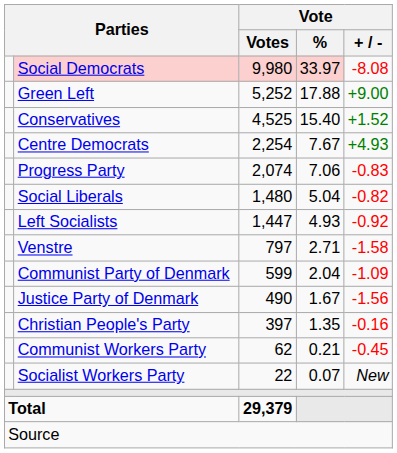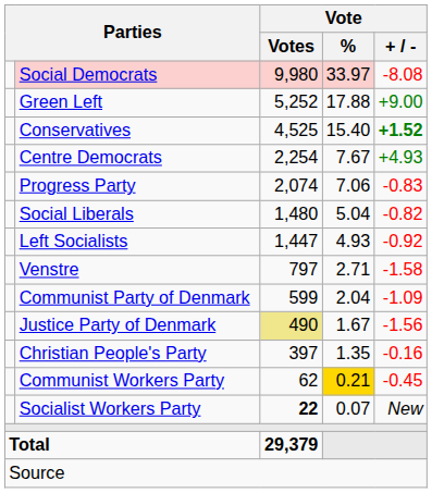 <table class="wikitable" style="text-align:right;">
 <tr>
 <th style="text-align:centre;" rowspan="2" colspan="2" width="225">Parties</th>
 <th colspan="3">Vote</th>
 </tr>
 <tr>
 <th width="15">Votes</th>
 <th width="15">%</th>
 <th width="15">+ / -</th>
 </tr>
 <tr>
 <td width="2" style="color:inherit;background:"></td>
 <td bgcolor=#fbd0ce  align="left"><a href='#'>Social Democrats</a></td>
 <td bgcolor=#fbd0ce>9,980</td>
 <td bgcolor=#fbd0ce>33.97</td>
 <td style=color:red;>-8.08</td>
 </tr>
 <tr>
 <td width="2" style="color:inherit;background:"></td>
 <td align="left"><a href='#'>Green Left</a></td>
 <td>5,252</td>
 <td>17.88</td>
 <td style=color:green;>+9.00</td>
 </tr>
 <tr>
 <td width="2" style="color:inherit;background:"></td>
 <td align="left"><a href='#'>Conservatives</a></td>
 <td>4,525</td>
 <td>15.40</td>
-<td style=color:green;>+1.52</td>
+<td style=color:green;><strong>+1.52</strong></td>
 </tr>
 <tr>
 <td width="2" style="color:inherit;background:"></td>
 <td align="left"><a href='#'>Centre Democrats</a></td>
 <td>2,254</td>
 <td>7.67</td>
 <td style=color:green;>+4.93</td>
 </tr>
 <tr>
 <td width="2" style="color:inherit;background:"></td>
 <td align="left"><a href='#'>Progress Party</a></td>
 <td>2,074</td>
 <td>7.06</td>
 <td style=color:red;>-0.83</td>
 </tr>
 <tr>
 <td width="2" style="color:inherit;background:"></td>
 <td align="left"><a href='#'>Social Liberals</a></td>
 <td>1,480</td>
 <td>5.04</td>
 <td style=color:red;>-0.82</td>
 </tr>
 <tr>
 <td width="2" style="color:inherit;background:"></td>
 <td align="left"><a href='#'>Left Socialists</a></td>
 <td>1,447</td>
 <td>4.93</td>
 <td style=color:red;>-0.92</td>
 </tr>
 <tr>
 <td width="2" style="color:inherit;background:"></td>
 <td align="left"><a href='#'>Venstre</a></td>
 <td>797</td>
 <td>2.71</td>
 <td style=color:red;>-1.58</td>
 </tr>
 <tr>
 <td width="2" style="color:inherit;background:"></td>
 <td align="left"><a href='#'>Communist Party of Denmark</a></td>
 <td>599</td>
 <td>2.04</td>
 <td style=color:red;>-1.09</td>
 </tr>
 <tr>
 <td width="2" style="color:inherit;background:"></td>
 <td align="left"><a href='#'>Justice Party of Denmark</a></td>
-<td>490</td>
+<td style="background: khaki;">490</td>
 <td>1.67</td>
 <td style=color:red;>-1.56</td>
 </tr>
 <tr>
 <td width="2" style="color:inherit;background:"></td>
 <td align="left"><a href='#'>Christian People's Party</a></td>
 <td>397</td>
 <td>1.35</td>
 <td style=color:red;>-0.16</td>
 </tr>
 <tr>
 <td width="2" style="color:inherit;background:"></td>
 <td align="left"><a href='#'>Communist Workers Party</a></td>
 <td>62</td>
-<td>0.21</td>
+<td style="background: gold;">0.21</td>
 <td style=color:red;>-0.45</td>
 </tr>
 <tr>
 <td width="2" style="color:inherit;background:"></td>
 <td align="left"><a href='#'>Socialist Workers Party</a></td>
-<td>22</td>
+<td><strong>22</strong></td>
 <td>0.07</td>
 <td><em>New</em></td>
 </tr>
 <tr>
 <td colspan="7" bgcolor="#E9E9E9"></td>
 </tr>
 <tr>
 <td align="left" colspan="2"><strong>Total</strong></td>
 <td><strong>29,379</strong></td>
 <td bgcolor="#E9E9E9" colspan="2"></td>
 </tr>
 <tr>
 <td align="left" colspan="6">Source</td>
 </tr>
 </table>
